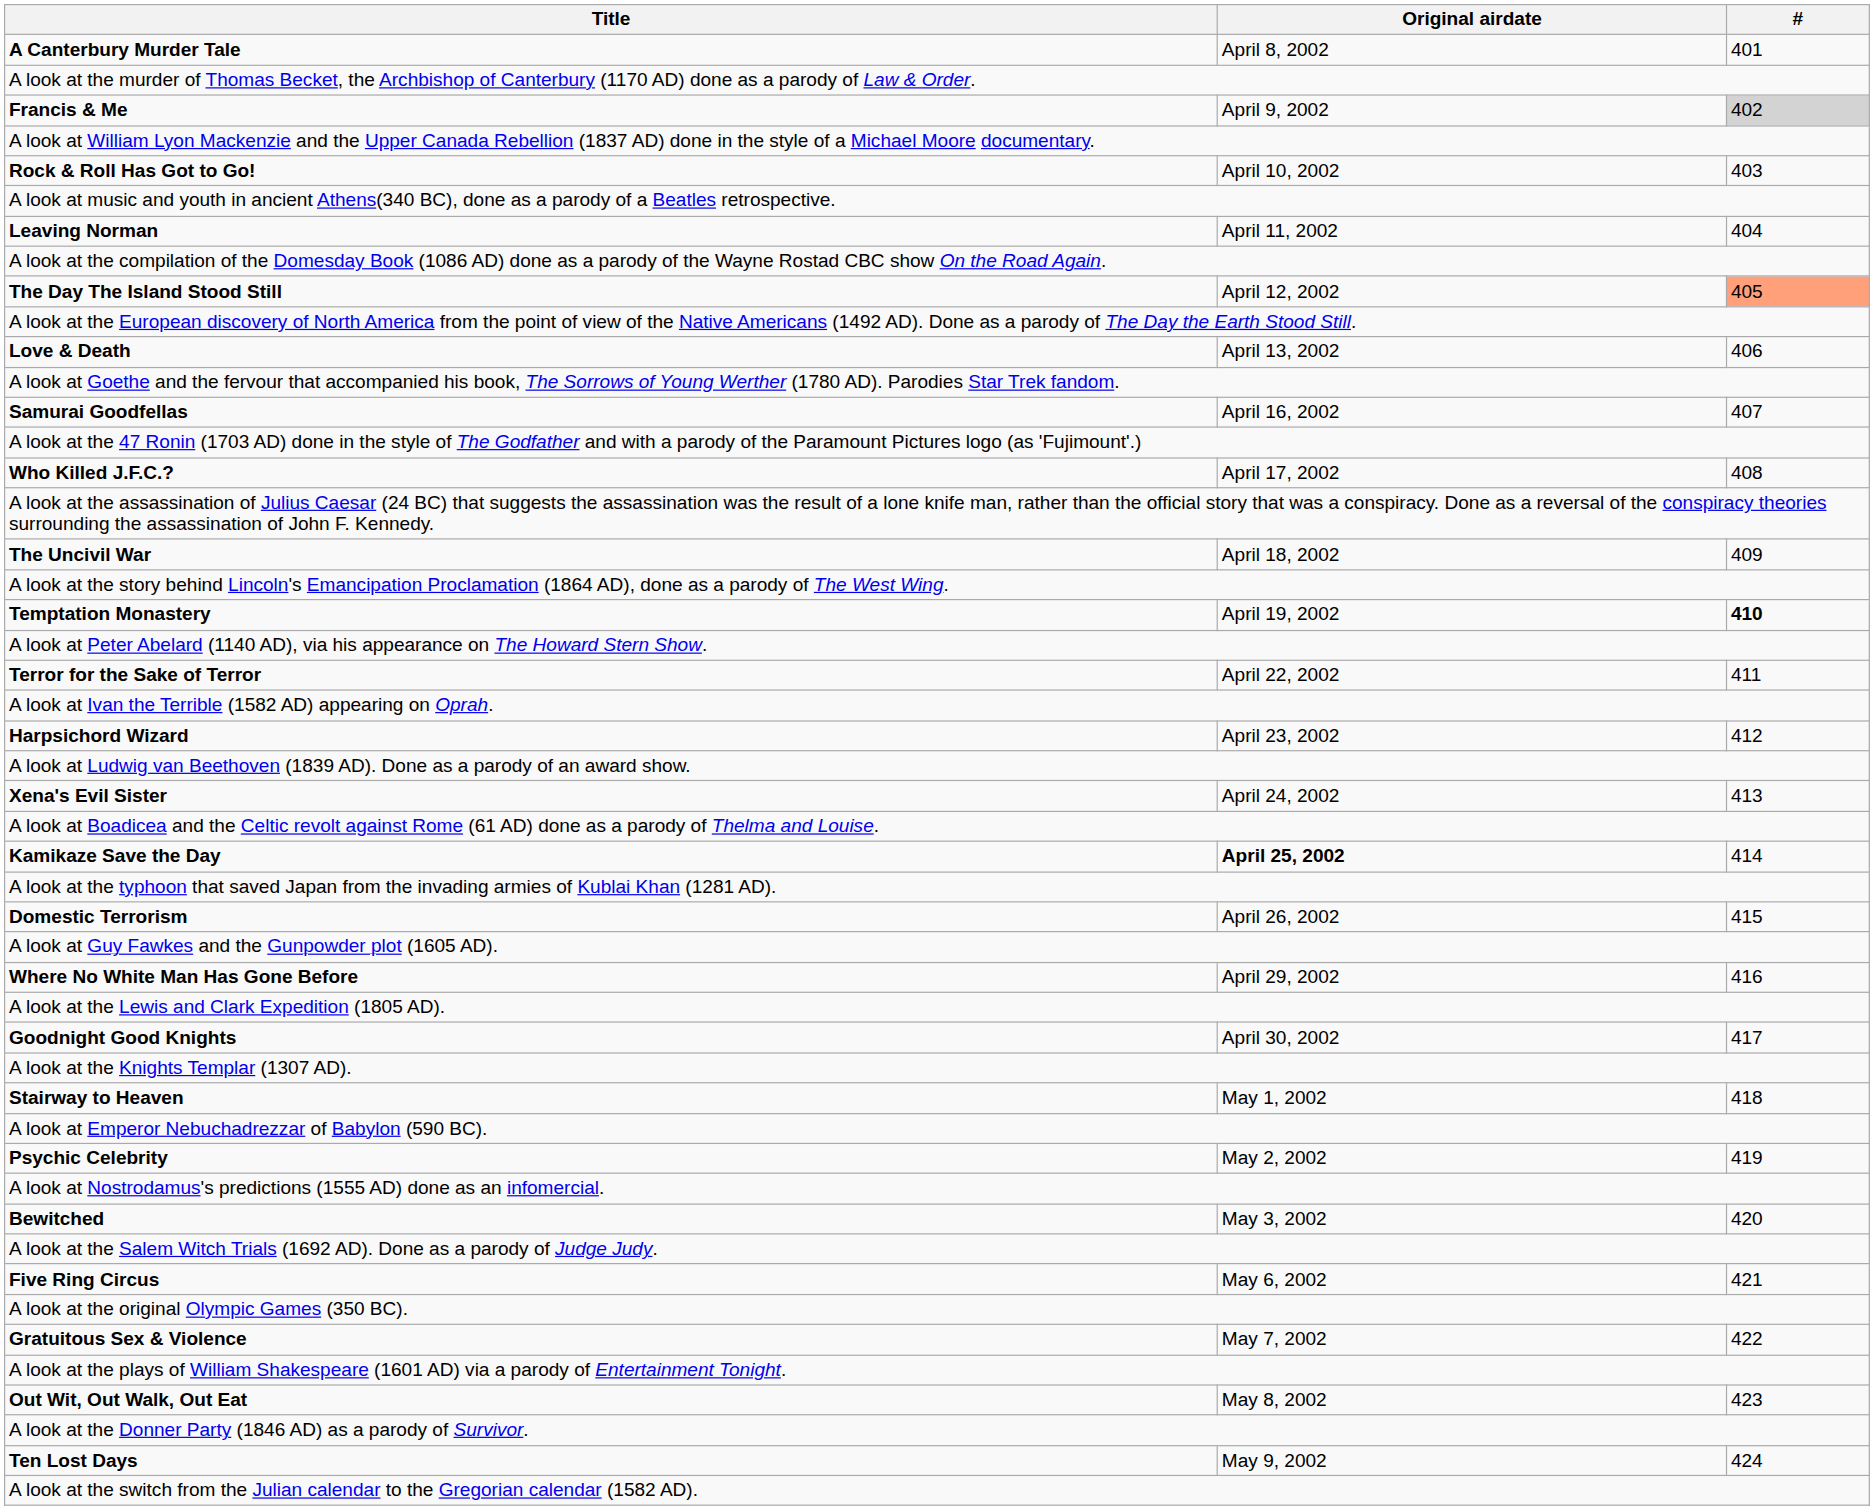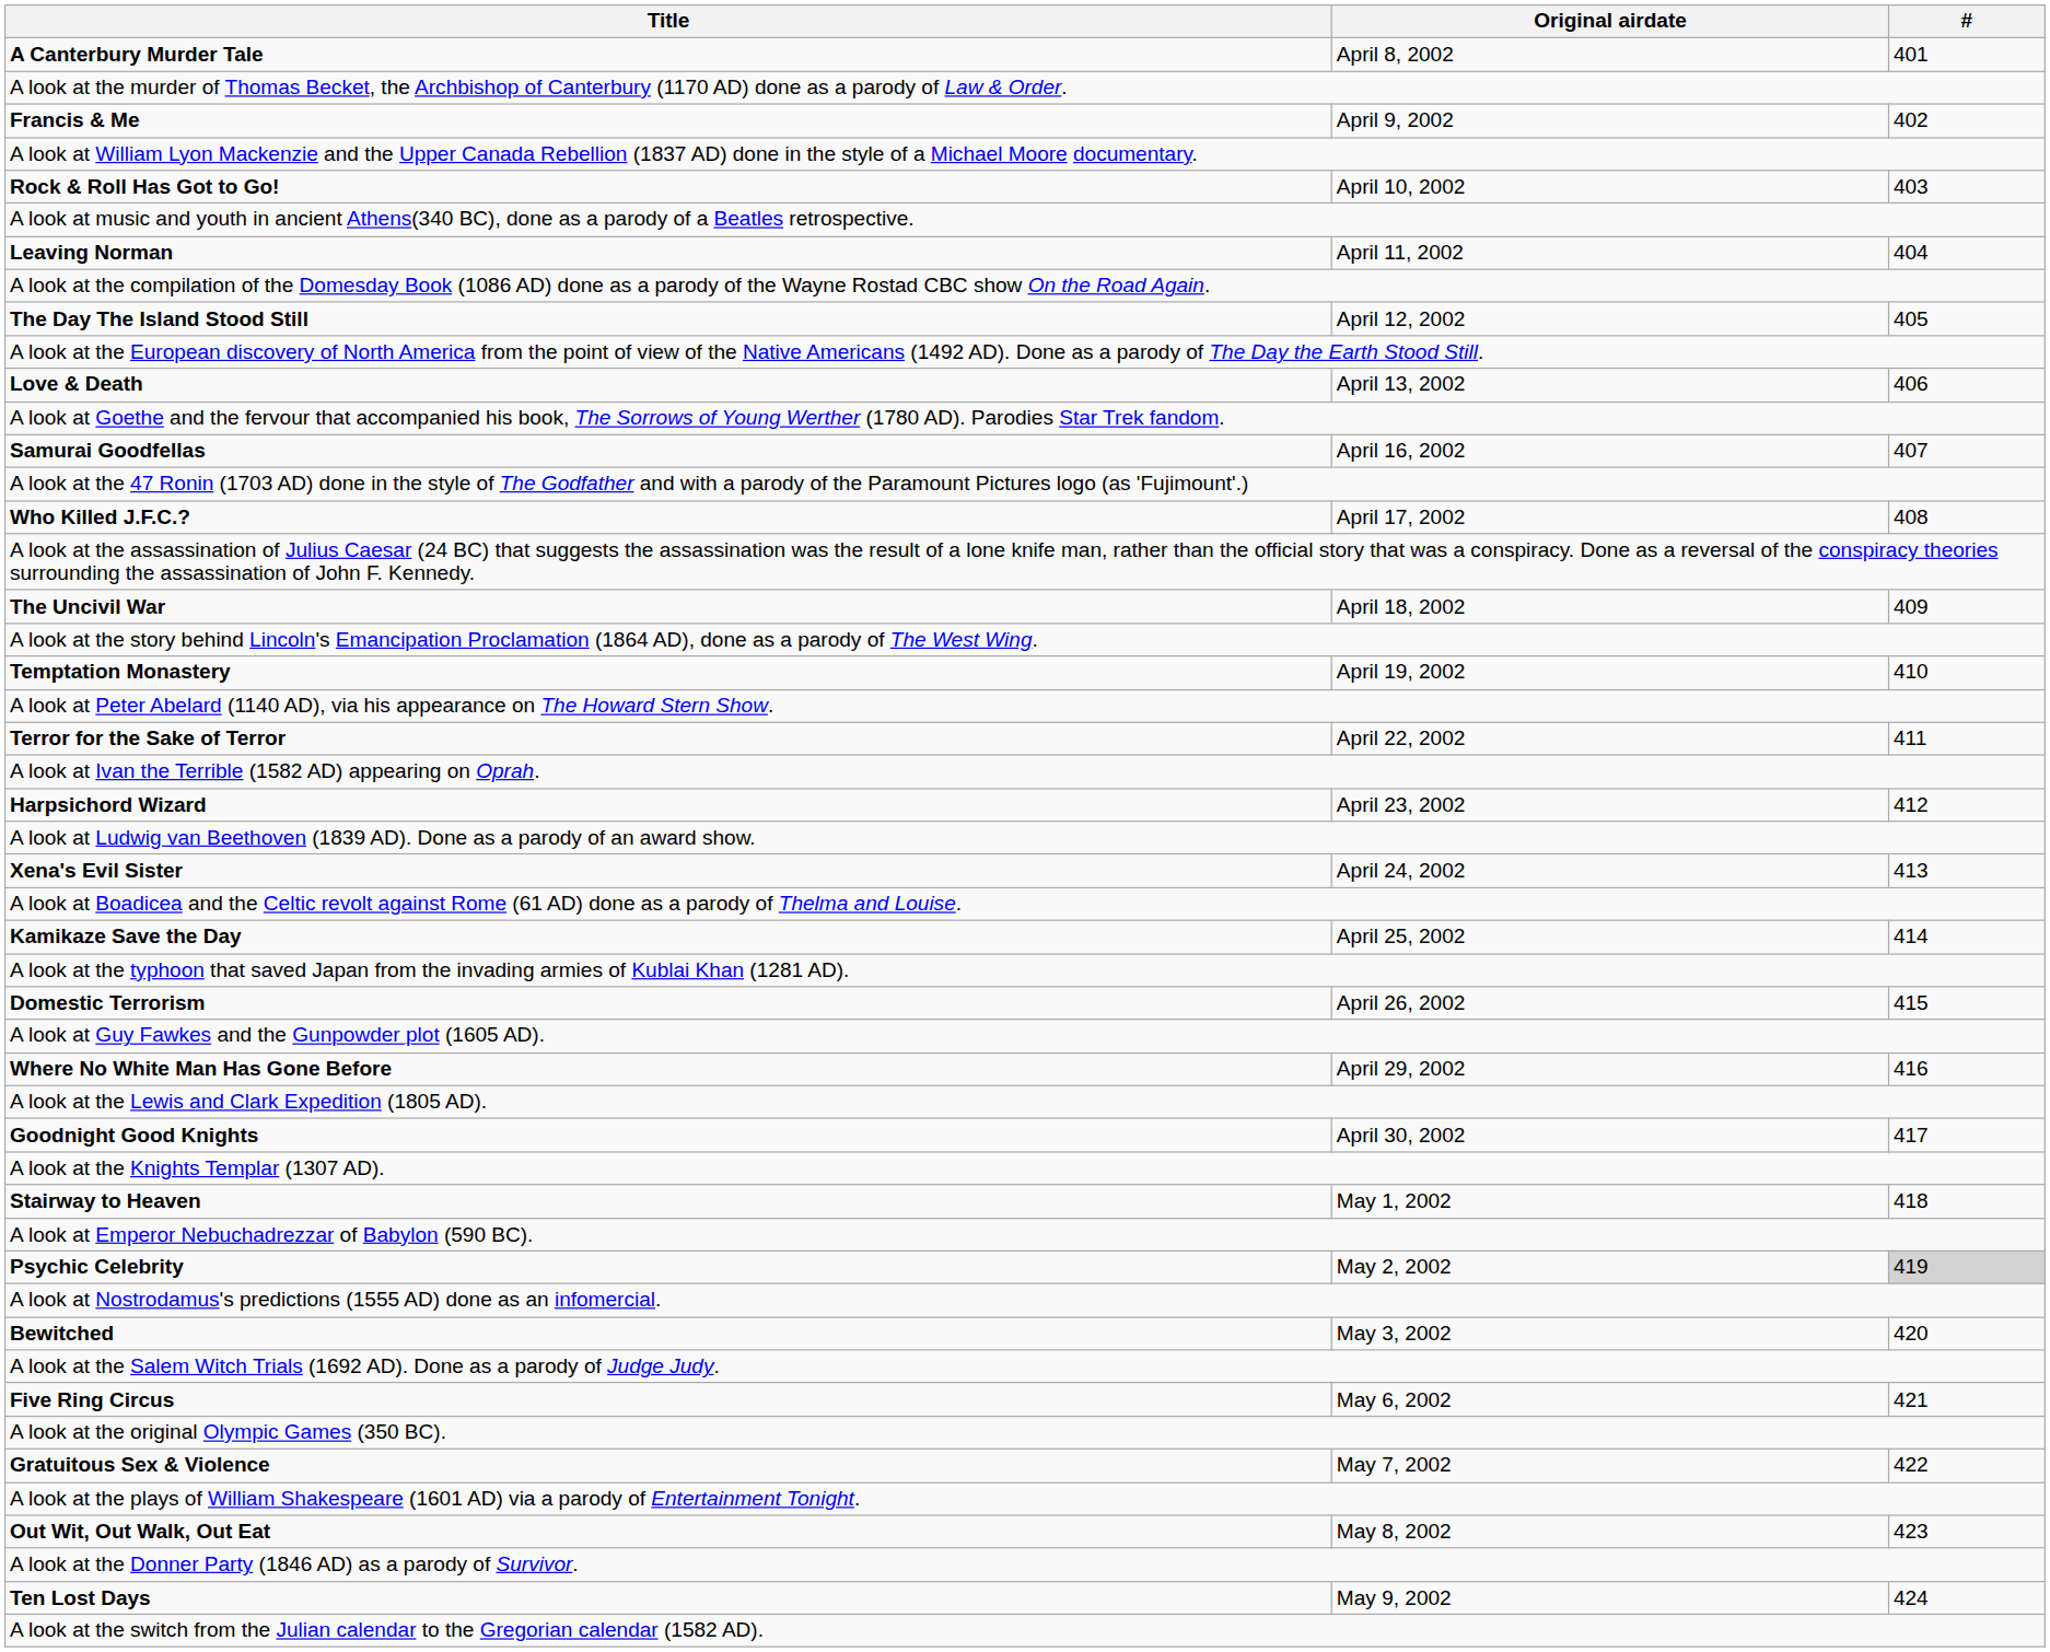 <table class="wikitable">
 <tr>
 <th>Title</th>
 <th>Original airdate</th>
 <th>#</th>
 </tr>
 <tr>
 <td><strong>A Canterbury Murder Tale</strong></td>
 <td>April 8, 2002</td>
 <td>401</td>
 </tr>
 <tr>
 <td colspan="6">A look at the murder of <a href='#'>Thomas Becket</a>, the <a href='#'>Archbishop of Canterbury</a> (1170 AD) done as a parody of <em><a href='#'>Law & Order</a></em>.</td>
 </tr>
 <tr>
 <td><strong>Francis & Me</strong></td>
 <td>April 9, 2002</td>
-<td style="background: lightgrey;">402</td>
+<td>402</td>
 </tr>
 <tr>
 <td colspan="6">A look at <a href='#'>William Lyon Mackenzie</a> and the <a href='#'>Upper Canada Rebellion</a> (1837 AD) done in the style of a <a href='#'>Michael Moore</a> <a href='#'>documentary</a>.</td>
 </tr>
 <tr>
 <td><strong>Rock & Roll Has Got to Go!</strong></td>
 <td>April 10, 2002</td>
 <td>403</td>
 </tr>
 <tr>
 <td colspan="6">A look at music and youth in ancient <a href='#'>Athens</a>(340 BC), done as a parody of a <a href='#'>Beatles</a> retrospective.</td>
 </tr>
 <tr>
 <td><strong>Leaving Norman</strong></td>
 <td>April 11, 2002</td>
 <td>404</td>
 </tr>
 <tr>
 <td colspan="6">A look at the compilation of the <a href='#'>Domesday Book</a> (1086 AD) done as a parody of the Wayne Rostad CBC show <em><a href='#'>On the Road Again</a></em>.</td>
 </tr>
 <tr>
 <td><strong>The Day The Island Stood Still</strong></td>
 <td>April 12, 2002</td>
-<td style="background: lightsalmon;">405</td>
+<td>405</td>
 </tr>
 <tr>
 <td colspan="6">A look at the <a href='#'>European discovery of North America</a> from the point of view of the <a href='#'>Native Americans</a> (1492 AD). Done as a parody of <em><a href='#'>The Day the Earth Stood Still</a></em>.</td>
 </tr>
 <tr>
 <td><strong>Love & Death</strong></td>
 <td>April 13, 2002</td>
 <td>406</td>
 </tr>
 <tr>
 <td colspan="6">A look at <a href='#'>Goethe</a> and the fervour that accompanied his book, <em><a href='#'>The Sorrows of Young Werther</a></em> (1780 AD). Parodies <a href='#'>Star Trek fandom</a>.</td>
 </tr>
 <tr>
 <td><strong>Samurai Goodfellas</strong></td>
 <td>April 16, 2002</td>
 <td>407</td>
 </tr>
 <tr>
 <td colspan="6">A look at the <a href='#'>47 Ronin</a> (1703 AD) done in the style of <em><a href='#'>The Godfather</a></em> and with a parody of the Paramount Pictures logo (as 'Fujimount'.)</td>
 </tr>
 <tr>
 <td><strong>Who Killed J.F.C.?</strong></td>
 <td>April 17, 2002</td>
 <td>408</td>
 </tr>
 <tr>
 <td colspan="6">A look at the assassination of <a href='#'>Julius Caesar</a> (24 BC) that suggests the assassination was the result of a lone knife man, rather than the official story that was a conspiracy. Done as a reversal of the <a href='#'>conspiracy theories</a> surrounding the assassination of John F. Kennedy.</td>
 </tr>
 <tr>
 <td><strong>The Uncivil War</strong></td>
 <td>April 18, 2002</td>
 <td>409</td>
 </tr>
 <tr>
 <td colspan="6">A look at the story behind <a href='#'>Lincoln</a>'s <a href='#'>Emancipation Proclamation</a> (1864 AD), done as a parody of <em><a href='#'>The West Wing</a></em>.</td>
 </tr>
 <tr>
 <td><strong>Temptation Monastery</strong></td>
 <td>April 19, 2002</td>
-<td><strong>410</strong></td>
+<td>410</td>
 </tr>
 <tr>
 <td colspan="6">A look at <a href='#'>Peter Abelard</a> (1140 AD), via his appearance on <em><a href='#'>The Howard Stern Show</a></em>.</td>
 </tr>
 <tr>
 <td><strong>Terror for the Sake of Terror</strong></td>
 <td>April 22, 2002</td>
 <td>411</td>
 </tr>
 <tr>
 <td colspan="6">A look at <a href='#'>Ivan the Terrible</a> (1582 AD) appearing on <em><a href='#'>Oprah</a></em>.</td>
 </tr>
 <tr>
 <td><strong>Harpsichord Wizard</strong></td>
 <td>April 23, 2002</td>
 <td>412</td>
 </tr>
 <tr>
 <td colspan="6">A look at <a href='#'>Ludwig van Beethoven</a> (1839 AD). Done as a parody of an award show.</td>
 </tr>
 <tr>
 <td><strong>Xena's Evil Sister</strong></td>
 <td>April 24, 2002</td>
 <td>413</td>
 </tr>
 <tr>
 <td colspan="6">A look at <a href='#'>Boadicea</a> and the <a href='#'>Celtic revolt against Rome</a> (61 AD) done as a parody of <em><a href='#'>Thelma and Louise</a></em>.</td>
 </tr>
 <tr>
 <td><strong>Kamikaze Save the Day</strong></td>
-<td><strong>April 25, 2002</strong></td>
+<td>April 25, 2002</td>
 <td>414</td>
 </tr>
 <tr>
 <td colspan="6">A look at the <a href='#'>typhoon</a> that saved Japan from the invading armies of <a href='#'>Kublai Khan</a> (1281 AD).</td>
 </tr>
 <tr>
 <td><strong>Domestic Terrorism</strong></td>
 <td>April 26, 2002</td>
 <td>415</td>
 </tr>
 <tr>
 <td colspan="6">A look at <a href='#'>Guy Fawkes</a> and the <a href='#'>Gunpowder plot</a> (1605 AD).</td>
 </tr>
 <tr>
 <td><strong>Where No White Man Has Gone Before</strong></td>
 <td>April 29, 2002</td>
 <td>416</td>
 </tr>
 <tr>
 <td colspan="6">A look at the <a href='#'>Lewis and Clark Expedition</a> (1805 AD).</td>
 </tr>
 <tr>
 <td><strong>Goodnight Good Knights</strong></td>
 <td>April 30, 2002</td>
 <td>417</td>
 </tr>
 <tr>
 <td colspan="6">A look at the <a href='#'>Knights Templar</a> (1307 AD).</td>
 </tr>
 <tr>
 <td><strong>Stairway to Heaven</strong></td>
 <td>May 1, 2002</td>
 <td>418</td>
 </tr>
 <tr>
 <td colspan="6">A look at <a href='#'>Emperor Nebuchadrezzar</a> of <a href='#'>Babylon</a> (590 BC).</td>
 </tr>
 <tr>
 <td><strong>Psychic Celebrity</strong></td>
 <td>May 2, 2002</td>
-<td>419</td>
+<td style="background: lightgrey;">419</td>
 </tr>
 <tr>
 <td colspan="6">A look at <a href='#'>Nostrodamus</a>'s predictions (1555 AD) done as an <a href='#'>infomercial</a>.</td>
 </tr>
 <tr>
 <td><strong>Bewitched</strong></td>
 <td>May 3, 2002</td>
 <td>420</td>
 </tr>
 <tr>
 <td colspan="6">A look at the <a href='#'>Salem Witch Trials</a> (1692 AD). Done as a parody of <em><a href='#'>Judge Judy</a></em>.</td>
 </tr>
 <tr>
 <td><strong>Five Ring Circus</strong></td>
 <td>May 6, 2002</td>
 <td>421</td>
 </tr>
 <tr>
 <td colspan="6">A look at the original <a href='#'>Olympic Games</a> (350 BC).</td>
 </tr>
 <tr>
 <td><strong>Gratuitous Sex & Violence</strong></td>
 <td>May 7, 2002</td>
 <td>422</td>
 </tr>
 <tr>
 <td colspan="6">A look at the plays of <a href='#'>William Shakespeare</a> (1601 AD) via a parody of <em><a href='#'>Entertainment Tonight</a></em>.</td>
 </tr>
 <tr>
 <td><strong>Out Wit, Out Walk, Out Eat</strong></td>
 <td>May 8, 2002</td>
 <td>423</td>
 </tr>
 <tr>
 <td colspan="6">A look at the <a href='#'>Donner Party</a> (1846 AD) as a parody of <em><a href='#'>Survivor</a></em>.</td>
 </tr>
 <tr>
 <td><strong>Ten Lost Days</strong></td>
 <td>May 9, 2002</td>
 <td>424</td>
 </tr>
 <tr>
 <td colspan="6">A look at the switch from the <a href='#'>Julian calendar</a> to the <a href='#'>Gregorian calendar</a> (1582 AD).</td>
 </tr>
 </table>
